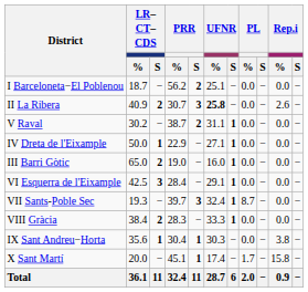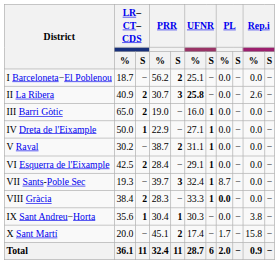 <table class='wikitable sortable' style='text-align:right; font-size:95%; line-height:20px;'>
 <tr>
 <th rowspan='3'>District</th>
 <th colspan='2' width='30px'><a href='#'>LR</a>–<a href='#'>CT</a>–<a href='#'>CDS</a></th>
 <th colspan='2' width='30px'><a href='#'>PRR</a></th>
 <th colspan='2' width='30px'><a href='#'>UFNR</a></th>
 <th colspan='2' width='30px'><a href='#'>PL</a></th>
 <th colspan='2' width='30px'><a href='#'>Rep.i</a></th>
 </tr>
 <tr>
 <th colspan='2' style='background:#18307B'></th>
 <th colspan='2' style='background:'></th>
 <th colspan='2' style='background:#993366'></th>
 <th colspan='2' style='background:'></th>
 <th colspan='2' style='background:#9C1F6E'></th>
 </tr>
 <tr>
 <th data-sort-type='number'>%</th>
 <th data-sort-type='number'>S</th>
 <th data-sort-type='number'>%</th>
 <th data-sort-type='number'>S</th>
 <th data-sort-type='number'>%</th>
 <th data-sort-type='number'>S</th>
 <th data-sort-type='number'>%</th>
 <th data-sort-type='number'>S</th>
 <th data-sort-type='number'>%</th>
 <th data-sort-type='number'>S</th>
 </tr>
 <tr>
 <td style='text-align: left;'>I <a href='#'>Barceloneta</a>−<a href='#'>El Poblenou</a></td>
 <td style='text-align: right;'>18.7</td>
 <td style='text-align: right;'>−</td>
 <td style='text-align: right;'>56.2</td>
 <td style='text-align: right;'><strong>2</strong></td>
 <td style='text-align: right;'>25.1</td>
 <td style='text-align: right;'>−</td>
 <td style='text-align: right;'>0.0</td>
 <td style='text-align: right;'>−</td>
 <td style='text-align: right;'>0.0</td>
 <td style='text-align: right;'>−</td>
 </tr>
 <tr>
 <td style='text-align: left;'>II <a href='#'>La Ribera</a></td>
 <td style='text-align: right;'>40.9</td>
 <td style='text-align: right;'><strong>2</strong></td>
 <td style='text-align: right;'>30.7</td>
 <td style='text-align: right;'><strong>3</strong></td>
 <td style='text-align: right;'><strong>25.8</strong></td>
 <td style='text-align: right;'>−</td>
 <td style='text-align: right;'>0.0</td>
 <td style='text-align: right;'>−</td>
 <td style='text-align: right;'>2.6</td>
 <td style='text-align: right;'>−</td>
 </tr>
 <tr>
-<td style='text-align: left;'>V <a href='#'>Raval</a></td>
-<td style='text-align: right;'>30.2</td>
+<td style='text-align: left;'>III <a href='#'>Barri Gòtic</a></td>
+<td style='text-align: right;'>65.0</td>
+<td style='text-align: right;'><strong>2</strong></td>
+<td style='text-align: right;'>19.0</td>
 <td style='text-align: right;'>−</td>
-<td style='text-align: right;'>38.7</td>
-<td style='text-align: right;'><strong>2</strong></td>
-<td style='text-align: right;'>31.1</td>
+<td style='text-align: right;'>16.0</td>
 <td style='text-align: right;'><strong>1</strong></td>
 <td style='text-align: right;'>0.0</td>
 <td style='text-align: right;'>−</td>
 <td style='text-align: right;'>0.0</td>
 <td style='text-align: right;'>−</td>
 </tr>
 <tr>
 <td style='text-align: left;'>IV <a href='#'>Dreta de l'Eixample</a></td>
 <td style='text-align: right;'>50.0</td>
 <td style='text-align: right;'><strong>1</strong></td>
 <td style='text-align: right;'>22.9</td>
 <td style='text-align: right;'>−</td>
 <td style='text-align: right;'>27.1</td>
 <td style='text-align: right;'><strong>1</strong></td>
 <td style='text-align: right;'>0.0</td>
 <td style='text-align: right;'>−</td>
 <td style='text-align: right;'>0.0</td>
 <td style='text-align: right;'>−</td>
 </tr>
 <tr>
-<td style='text-align: left;'>III <a href='#'>Barri Gòtic</a></td>
-<td style='text-align: right;'>65.0</td>
+<td style='text-align: left;'>V <a href='#'>Raval</a></td>
+<td style='text-align: right;'>30.2</td>
+<td style='text-align: right;'>−</td>
+<td style='text-align: right;'>38.7</td>
 <td style='text-align: right;'><strong>2</strong></td>
-<td style='text-align: right;'>19.0</td>
-<td style='text-align: right;'>−</td>
-<td style='text-align: right;'>16.0</td>
+<td style='text-align: right;'>31.1</td>
 <td style='text-align: right;'><strong>1</strong></td>
 <td style='text-align: right;'>0.0</td>
 <td style='text-align: right;'>−</td>
 <td style='text-align: right;'>0.0</td>
 <td style='text-align: right;'>−</td>
 </tr>
 <tr>
 <td style='text-align: left;'>VI <a href='#'>Esquerra de l'Eixample</a></td>
 <td style='text-align: right;'>42.5</td>
-<td style='text-align: right;'><strong>3</strong></td>
+<td style='text-align: right;'><strong>2</strong></td>
 <td style='text-align: right;'>28.4</td>
 <td style='text-align: right;'>−</td>
 <td style='text-align: right;'>29.1</td>
 <td style='text-align: right;'><strong>1</strong></td>
 <td style='text-align: right;'>0.0</td>
 <td style='text-align: right;'>−</td>
 <td style='text-align: right;'>0.0</td>
 <td style='text-align: right;'>−</td>
 </tr>
 <tr>
 <td style='text-align: left;'>VII <a href='#'>Sants</a>-<a href='#'>Poble Sec</a></td>
 <td style='text-align: right;'>19.3</td>
 <td style='text-align: right;'>−</td>
 <td style='text-align: right;'>39.7</td>
 <td style='text-align: right;'><strong>3</strong></td>
 <td style='text-align: right;'>32.4</td>
 <td style='text-align: right;'><strong>1</strong></td>
 <td style='text-align: right;'>8.7</td>
 <td style='text-align: right;'>−</td>
 <td style='text-align: right;'>0.0</td>
 <td style='text-align: right;'>−</td>
 </tr>
 <tr>
 <td style='text-align: left;'>VIII <a href='#'>Gràcia</a></td>
 <td style='text-align: right;'>38.4</td>
 <td style='text-align: right;'><strong>2</strong></td>
 <td style='text-align: right;'>28.3</td>
 <td style='text-align: right;'>−</td>
 <td style='text-align: right;'>33.3</td>
 <td style='text-align: right;'><strong>1</strong></td>
-<td style='text-align: right;'>0.0</td>
+<td style='text-align: right;'><strong>0.0</strong></td>
 <td style='text-align: right;'>−</td>
 <td style='text-align: right;'>0.0</td>
 <td style='text-align: right;'>−</td>
 </tr>
 <tr>
 <td style='text-align: left;'>IX <a href='#'>Sant Andreu</a>−<a href='#'>Horta</a></td>
 <td style='text-align: right;'>35.6</td>
 <td style='text-align: right;'><strong>1</strong></td>
 <td style='text-align: right;'>30.4</td>
 <td style='text-align: right;'><strong>1</strong></td>
 <td style='text-align: right;'>30.3</td>
 <td style='text-align: right;'>−</td>
 <td style='text-align: right;'>0.0</td>
 <td style='text-align: right;'>−</td>
 <td style='text-align: right;'>3.8</td>
 <td style='text-align: right;'>−</td>
 </tr>
 <tr>
 <td style='text-align: left;'>X <a href='#'>Sant Martí</a></td>
 <td style='text-align: right;'>20.0</td>
 <td style='text-align: right;'>−</td>
 <td style='text-align: right;'>45.1</td>
-<td style='text-align: right;'><strong>1</strong></td>
+<td style='text-align: right;'><strong>2</strong></td>
 <td style='text-align: right;'>17.4</td>
 <td style='text-align: right;'>−</td>
 <td style='text-align: right;'>1.7</td>
 <td style='text-align: right;'>−</td>
 <td style='text-align: right;'>15.8</td>
 <td style='text-align: right;'>−</td>
 </tr>
 <tr>
 <th style='text-align: left;'>Total</th>
 <th style='text-align: right;'>36.1</th>
 <th style='text-align: right;'><strong>11</strong></th>
 <th style='text-align: right;'>32.4</th>
 <th style='text-align: right;'><strong>11</strong></th>
 <th style='text-align: right;'>28.7</th>
 <th style='text-align: right;'><strong>6</strong></th>
 <th style='text-align: right;'>2.0</th>
 <th style='text-align: right;'>−</th>
 <th style='text-align: right;'>0.9</th>
 <th style='text-align: right;'>−</th>
 </tr>
 </table>
